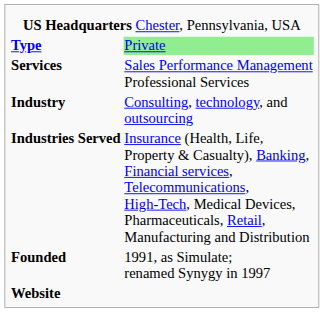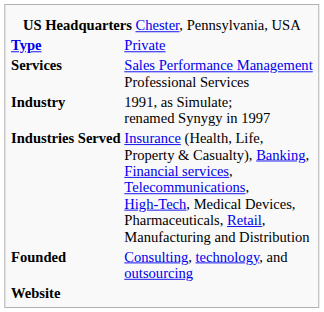 <table class="infobox">
 <tr>
 <td colspan="2"></td>
 </tr>
 <tr>
 <td colspan="2"></td>
 </tr>
 <tr>
 <td colspan="2" style="text-align:center;"><strong>US Headquarters</strong> <a href='#'>Chester</a>, Pennsylvania, USA</td>
 </tr>
 <tr>
 <td><strong><a href='#'>Type</a></strong></td>
-<td style="background: lightgreen;"><a href='#'>Private</a></td>
+<td><a href='#'>Private</a></td>
 </tr>
 <tr>
 <td><strong>Services</strong></td>
 <td><a href='#'>Sales Performance Management</a><br> Professional Services</td>
 </tr>
 <tr>
 <td><strong>Industry</strong></td>
-<td><a href='#'>Consulting</a>, <a href='#'>technology</a>, and <br> <a href='#'>outsourcing</a></td>
+<td>1991, as Simulate;<br>renamed Synygy in 1997</td>
 </tr>
 <tr>
 <td><strong>Industries Served</strong></td>
 <td><a href='#'>Insurance</a> (Health, Life, <br>Property & Casualty), <a href='#'>Banking</a>, <br><a href='#'>Financial services</a>, <br><a href='#'>Telecommunications</a>, <br> <a href='#'>High-Tech</a>, Medical Devices, <br>Pharmaceuticals, <a href='#'>Retail</a>, <br>Manufacturing and Distribution</td>
 </tr>
 <tr>
 <td><strong>Founded</strong></td>
-<td>1991, as Simulate;<br>renamed Synygy in 1997</td>
+<td><a href='#'>Consulting</a>, <a href='#'>technology</a>, and <br> <a href='#'>outsourcing</a></td>
 </tr>
 <tr>
 <td><strong>Website</strong></td>
 <td></td>
 </tr>
 </table>
